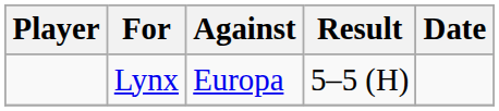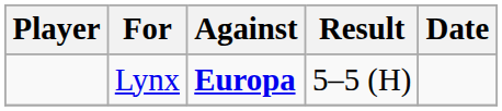 <table class="wikitable">
 <tr>
 <th>Player</th>
 <th>For</th>
 <th>Against</th>
 <th style="text-align:center">Result</th>
 <th>Date</th>
 </tr>
 <tr>
 <td> </td>
 <td><a href='#'>Lynx</a></td>
-<td><a href='#'>Europa</a></td>
+<td><strong><a href='#'>Europa</a></strong></td>
 <td>5–5 (H)</td>
 <td></td>
 </tr>
 <tr>
 </tr>
 </table>
